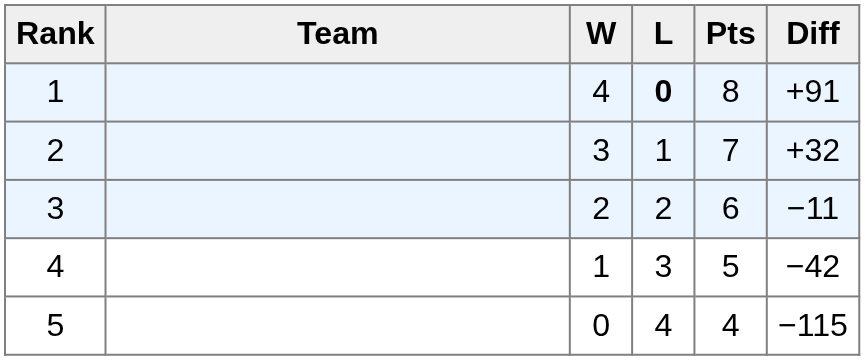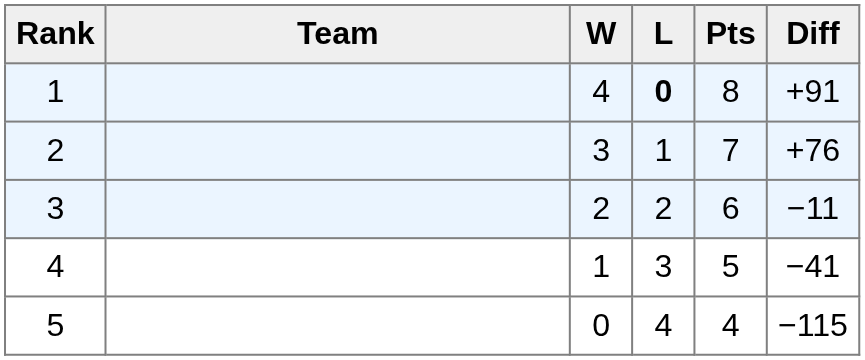 <table style=border-collapse:collapse border=1 cellspacing=0 cellpadding=5>
 <tr align=center bgcolor=#efefef>
 <th width=20>Rank</th>
 <th width=220>Team</th>
 <th width=20>W</th>
 <th width=20>L</th>
 <th width=20>Pts</th>
 <th width=25>Diff</th>
 </tr>
 <tr align=center bgcolor=#EBF5FF>
 <td>1</td>
 <td align=left></td>
 <td>4</td>
 <td><strong>0</strong></td>
 <td>8</td>
 <td>+91</td>
 </tr>
 <tr align=center bgcolor=#EBF5FF>
 <td>2</td>
 <td align=left></td>
 <td>3</td>
 <td>1</td>
 <td>7</td>
-<td>+32</td>
+<td>+76</td>
 </tr>
 <tr align=center bgcolor=#EBF5FF>
 <td>3</td>
 <td align=left></td>
 <td>2</td>
 <td>2</td>
 <td>6</td>
 <td>−11</td>
 </tr>
 <tr align=center>
 <td>4</td>
 <td align=left></td>
 <td>1</td>
 <td>3</td>
 <td>5</td>
-<td>−42</td>
+<td>−41</td>
 </tr>
 <tr align=center>
 <td>5</td>
 <td align=left></td>
 <td>0</td>
 <td>4</td>
 <td>4</td>
 <td>−115</td>
 </tr>
 </table>
